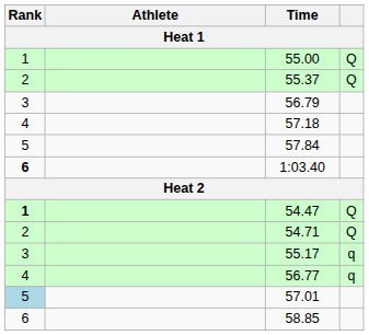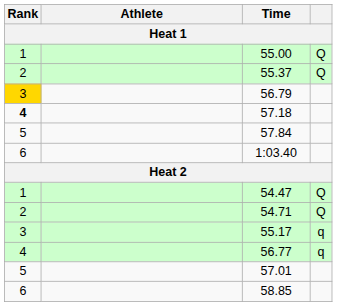 <table class=wikitable style="text-align:center">
 <tr>
 <th width=40>Rank</th>
 <th width=250>Athlete</th>
 <th width=80>Time</th>
 <th width=20></th>
 </tr>
 <tr>
 <th colspan=4>Heat 1</th>
 </tr>
 <tr bgcolor="ccffcc">
 <td>1</td>
 <td align=left></td>
 <td>55.00</td>
 <td>Q</td>
 </tr>
 <tr bgcolor="ccffcc">
 <td>2</td>
 <td align=left></td>
 <td>55.37</td>
 <td>Q</td>
 </tr>
 <tr>
-<td>3</td>
+<td style="background: gold;">3</td>
 <td align=left></td>
 <td>56.79</td>
 <td></td>
 </tr>
 <tr>
-<td>4</td>
+<td><strong>4</strong></td>
 <td align=left></td>
 <td>57.18</td>
 <td></td>
 </tr>
 <tr>
 <td>5</td>
 <td align=left></td>
 <td>57.84</td>
 <td></td>
 </tr>
 <tr>
-<td><strong>6</strong></td>
+<td>6</td>
 <td align=left></td>
 <td>1:03.40</td>
 <td></td>
 </tr>
 <tr>
 <th colspan=4>Heat 2</th>
 </tr>
 <tr bgcolor="ccffcc">
-<td><strong>1</strong></td>
+<td>1</td>
 <td align=left></td>
 <td>54.47</td>
 <td>Q</td>
 </tr>
 <tr bgcolor="ccffcc">
 <td>2</td>
 <td align=left></td>
 <td>54.71</td>
 <td>Q</td>
 </tr>
 <tr bgcolor="ccffcc">
 <td>3</td>
 <td align=left></td>
 <td>55.17</td>
 <td>q</td>
 </tr>
 <tr bgcolor="ccffcc">
 <td>4</td>
 <td align=left></td>
 <td>56.77</td>
 <td>q</td>
 </tr>
 <tr>
-<td style="background: lightblue;">5</td>
+<td>5</td>
 <td align=left></td>
 <td>57.01</td>
 <td></td>
 </tr>
 <tr>
 <td>6</td>
 <td align=left></td>
 <td>58.85</td>
 <td></td>
 </tr>
 </table>
